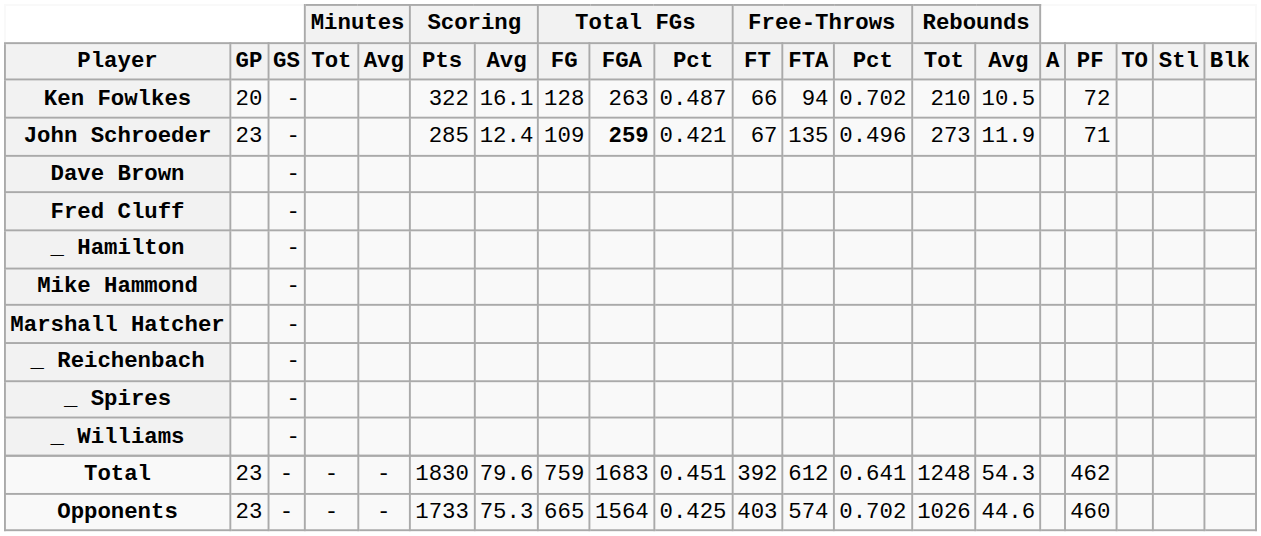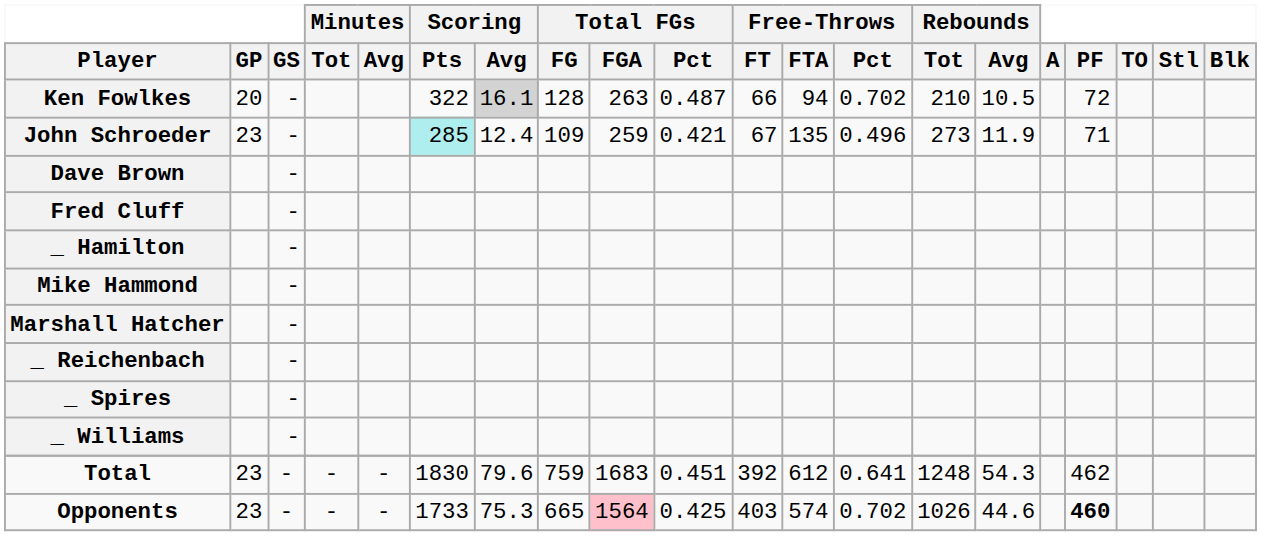 <table class="wikitable sortable" border="1" style="font-size:90%;">
 <tr>
 <th colspan="3" style="border-top-style:hidden; border-left-style:hidden; background: white;"></th>
 <th colspan="2" style=>Minutes</th>
 <th colspan="2" style=>Scoring</th>
 <th colspan="3" style=>Total FGs</th>
 <th colspan="3" style=>Free-Throws</th>
 <th colspan="2" style=>Rebounds</th>
 <th colspan="5" style="border-top-style:hidden; border-right-style:hidden; background: white;"></th>
 </tr>
 <tr>
 <th scope="col" style=>Player</th>
 <th scope="col" style=>GP</th>
 <th scope="col" style=>GS</th>
 <th scope="col" style=>Tot</th>
 <th scope="col" style=>Avg</th>
 <th scope="col" style=>Pts</th>
 <th scope="col" style=>Avg</th>
 <th scope="col" style=>FG</th>
 <th scope="col" style=>FGA</th>
 <th scope="col" style=>Pct</th>
 <th scope="col" style=>FT</th>
 <th scope="col" style=>FTA</th>
 <th scope="col" style=>Pct</th>
 <th scope="col" style=>Tot</th>
 <th scope="col" style=>Avg</th>
 <th scope="col" style=>A</th>
 <th scope="col" style=>PF</th>
 <th scope="col" style=>TO</th>
 <th scope="col" style=>Stl</th>
 <th scope="col" style=>Blk</th>
 </tr>
 <tr>
 <th>Ken Fowlkes</th>
 <td align="right">20</td>
 <td align="right">-</td>
 <td align="right"></td>
 <td align="right"></td>
 <td align="right">322</td>
-<td align="right">16.1</td>
+<td align="right" style="background: lightgrey;">16.1</td>
 <td align="right">128</td>
 <td align="right">263</td>
 <td align="right">0.487</td>
 <td align="right">66</td>
 <td align="right">94</td>
 <td align="right">0.702</td>
 <td align="right">210</td>
 <td align="right">10.5</td>
 <td align="right"></td>
 <td align="right">72</td>
 <td align="right"></td>
 <td align="right"></td>
 <td align="right"></td>
 </tr>
 <tr>
 <th>John Schroeder</th>
 <td align="right">23</td>
 <td align="right">-</td>
 <td align="right"></td>
 <td align="right"></td>
-<td align="right">285</td>
+<td align="right" style="background: paleturquoise;">285</td>
 <td align="right">12.4</td>
 <td align="right">109</td>
-<td align="right"><strong>259</strong></td>
+<td align="right">259</td>
 <td align="right">0.421</td>
 <td align="right">67</td>
 <td align="right">135</td>
 <td align="right">0.496</td>
 <td align="right">273</td>
 <td align="right">11.9</td>
 <td align="right"></td>
 <td align="right">71</td>
 <td align="right"></td>
 <td align="right"></td>
 <td align="right"></td>
 </tr>
 <tr>
 <th>Dave Brown</th>
 <td align="right"></td>
 <td align="right">-</td>
 <td align="right"></td>
 <td align="right"></td>
 <td align="right"></td>
 <td align="right"></td>
 <td align="right"></td>
 <td align="right"></td>
 <td align="right"></td>
 <td align="right"></td>
 <td align="right"></td>
 <td align="right"></td>
 <td align="right"></td>
 <td align="right"></td>
 <td align="right"></td>
 <td align="right"></td>
 <td align="right"></td>
 <td align="right"></td>
 <td align="right"></td>
 </tr>
 <tr>
 <th>Fred Cluff</th>
 <td align="right"></td>
 <td align="right">-</td>
 <td align="right"></td>
 <td align="right"></td>
 <td align="right"></td>
 <td align="right"></td>
 <td align="right"></td>
 <td align="right"></td>
 <td align="right"></td>
 <td align="right"></td>
 <td align="right"></td>
 <td align="right"></td>
 <td align="right"></td>
 <td align="right"></td>
 <td align="right"></td>
 <td align="right"></td>
 <td align="right"></td>
 <td align="right"></td>
 <td align="right"></td>
 </tr>
 <tr>
 <th>_ Hamilton</th>
 <td align="right"></td>
 <td align="right">-</td>
 <td align="right"></td>
 <td align="right"></td>
 <td align="right"></td>
 <td align="right"></td>
 <td align="right"></td>
 <td align="right"></td>
 <td align="right"></td>
 <td align="right"></td>
 <td align="right"></td>
 <td align="right"></td>
 <td align="right"></td>
 <td align="right"></td>
 <td align="right"></td>
 <td align="right"></td>
 <td align="right"></td>
 <td align="right"></td>
 <td align="right"></td>
 </tr>
 <tr>
 <th>Mike Hammond</th>
 <td align="right"></td>
 <td align="right">-</td>
 <td align="right"></td>
 <td align="right"></td>
 <td align="right"></td>
 <td align="right"></td>
 <td align="right"></td>
 <td align="right"></td>
 <td align="right"></td>
 <td align="right"></td>
 <td align="right"></td>
 <td align="right"></td>
 <td align="right"></td>
 <td align="right"></td>
 <td align="right"></td>
 <td align="right"></td>
 <td align="right"></td>
 <td align="right"></td>
 <td align="right"></td>
 </tr>
 <tr>
 <th>Marshall Hatcher</th>
 <td align="right"></td>
 <td align="right">-</td>
 <td align="right"></td>
 <td align="right"></td>
 <td align="right"></td>
 <td align="right"></td>
 <td align="right"></td>
 <td align="right"></td>
 <td align="right"></td>
 <td align="right"></td>
 <td align="right"></td>
 <td align="right"></td>
 <td align="right"></td>
 <td align="right"></td>
 <td align="right"></td>
 <td align="right"></td>
 <td align="right"></td>
 <td align="right"></td>
 <td align="right"></td>
 </tr>
 <tr>
 <th>_ Reichenbach</th>
 <td align="right"></td>
 <td align="right">-</td>
 <td align="right"></td>
 <td align="right"></td>
 <td align="right"></td>
 <td align="right"></td>
 <td align="right"></td>
 <td align="right"></td>
 <td align="right"></td>
 <td align="right"></td>
 <td align="right"></td>
 <td align="right"></td>
 <td align="right"></td>
 <td align="right"></td>
 <td align="right"></td>
 <td align="right"></td>
 <td align="right"></td>
 <td align="right"></td>
 <td align="right"></td>
 </tr>
 <tr>
 <th>_ Spires</th>
 <td align="right"></td>
 <td align="right">-</td>
 <td align="right"></td>
 <td align="right"></td>
 <td align="right"></td>
 <td align="right"></td>
 <td align="right"></td>
 <td align="right"></td>
 <td align="right"></td>
 <td align="right"></td>
 <td align="right"></td>
 <td align="right"></td>
 <td align="right"></td>
 <td align="right"></td>
 <td align="right"></td>
 <td align="right"></td>
 <td align="right"></td>
 <td align="right"></td>
 <td align="right"></td>
 </tr>
 <tr>
 <th>_ Williams</th>
 <td align="right"></td>
 <td align="right">-</td>
 <td align="right"></td>
 <td align="right"></td>
 <td align="right"></td>
 <td align="right"></td>
 <td align="right"></td>
 <td align="right"></td>
 <td align="right"></td>
 <td align="right"></td>
 <td align="right"></td>
 <td align="right"></td>
 <td align="right"></td>
 <td align="right"></td>
 <td align="right"></td>
 <td align="right"></td>
 <td align="right"></td>
 <td align="right"></td>
 <td align="right"></td>
 </tr>
 <tr>
 </tr>
 <tr class="sortbottom">
 <td align="center" style=><strong>Total</strong></td>
 <td align="center" style=>23</td>
 <td align="center" style=>-</td>
 <td align="center" style=>-</td>
 <td align="center" style=>-</td>
 <td align="center" style=>1830</td>
 <td align="center" style=>79.6</td>
 <td align="center" style=>759</td>
 <td align="center" style=>1683</td>
 <td align="center" style=>0.451</td>
 <td align="center" style=>392</td>
 <td align="center" style=>612</td>
 <td align="center" style=>0.641</td>
 <td align="center" style=>1248</td>
 <td align="center" style=>54.3</td>
 <td align="center" style=></td>
 <td align="center" style=>462</td>
 <td align="center" style=></td>
 <td align="center" style=></td>
 <td align="center" style=></td>
 </tr>
 <tr class="sortbottom">
 <td align="center"><strong>Opponents</strong></td>
 <td align="center">23</td>
 <td align="center">-</td>
 <td align="center">-</td>
 <td align="center">-</td>
 <td align="center">1733</td>
 <td align="center">75.3</td>
 <td align="center">665</td>
-<td align="center">1564</td>
+<td align="center" style="background: pink;">1564</td>
 <td align="center">0.425</td>
 <td align="center">403</td>
 <td align="center">574</td>
 <td align="center">0.702</td>
 <td align="center">1026</td>
 <td align="center">44.6</td>
 <td align="center"></td>
-<td align="center">460</td>
+<td align="center"><strong>460</strong></td>
 <td align="center"></td>
 <td align="center"></td>
 <td align="center"></td>
 </tr>
 </table>
